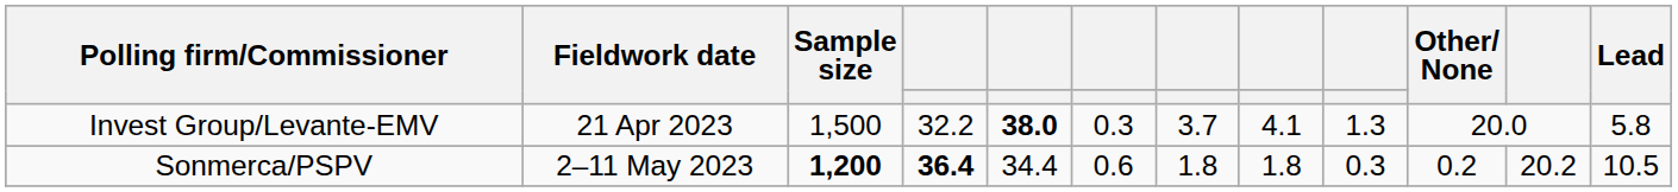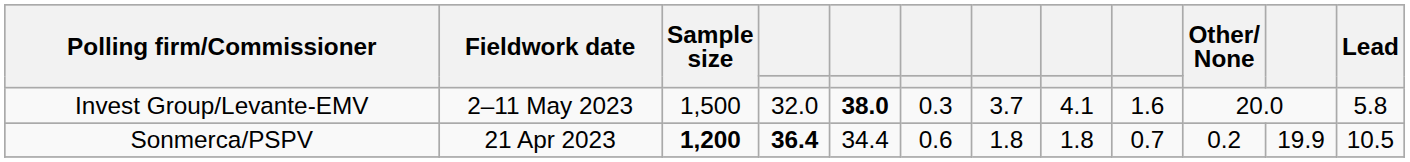 <table class="wikitable collapsible collapsed" style="text-align:center; font-size:90%; line-height:14px;">
 <tr style="height:42px;">
 <th style="width:250px;" rowspan="2">Polling firm/Commissioner</th>
 <th style="width:125px;" rowspan="2">Fieldwork date</th>
 <th style="width:50px;" rowspan="2">Sample size</th>
 <th style="width:35px;"></th>
 <th style="width:35px;"></th>
 <th style="width:35px;"></th>
 <th style="width:35px;"></th>
 <th style="width:35px;"></th>
 <th style="width:35px;"></th>
 <th style="width:35px;" rowspan="2">Other/<br>None</th>
 <th style="width:35px;" rowspan="2"></th>
 <th style="width:30px;" rowspan="2">Lead</th>
 </tr>
 <tr>
 <th style="color:inherit;background:"></th>
 <th style="color:inherit;background:"></th>
 <th style="color:inherit;background:"></th>
 <th style="color:inherit;background:"></th>
 <th style="color:inherit;background:"></th>
 <th style="color:inherit;background:"></th>
 </tr>
 <tr>
 <td>Invest Group/Levante-EMV</td>
-<td>21 Apr 2023</td>
+<td>2–11 May 2023</td>
 <td>1,500</td>
-<td>32.2</td>
+<td>32.0</td>
 <td><strong>38.0</strong></td>
 <td>0.3</td>
 <td>3.7</td>
 <td>4.1</td>
-<td>1.3</td>
+<td>1.6</td>
 <td colspan="2">20.0</td>
 <td style="background:">5.8</td>
 </tr>
 <tr>
 <td>Sonmerca/PSPV</td>
-<td>2–11 May 2023</td>
+<td>21 Apr 2023</td>
 <td><strong>1,200</strong></td>
 <td><strong>36.4</strong></td>
 <td>34.4</td>
 <td>0.6</td>
 <td>1.8</td>
 <td>1.8</td>
-<td>0.3</td>
+<td>0.7</td>
 <td>0.2</td>
-<td>20.2</td>
+<td>19.9</td>
 <td style="background:">10.5</td>
 </tr>
 </table>
